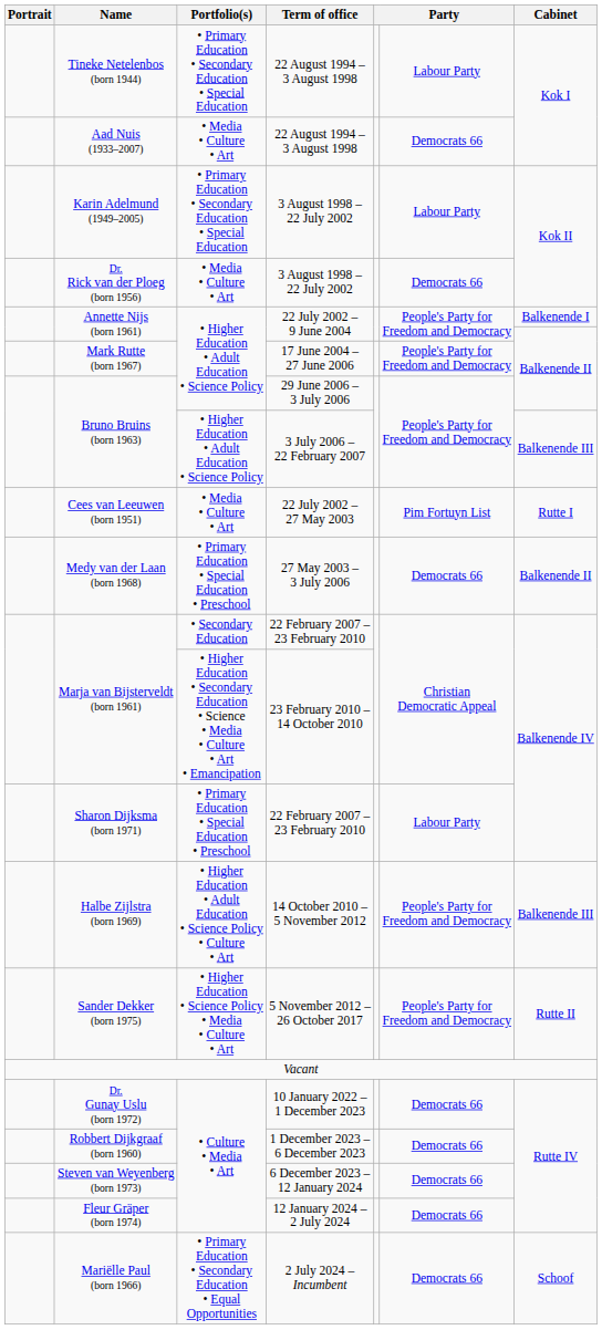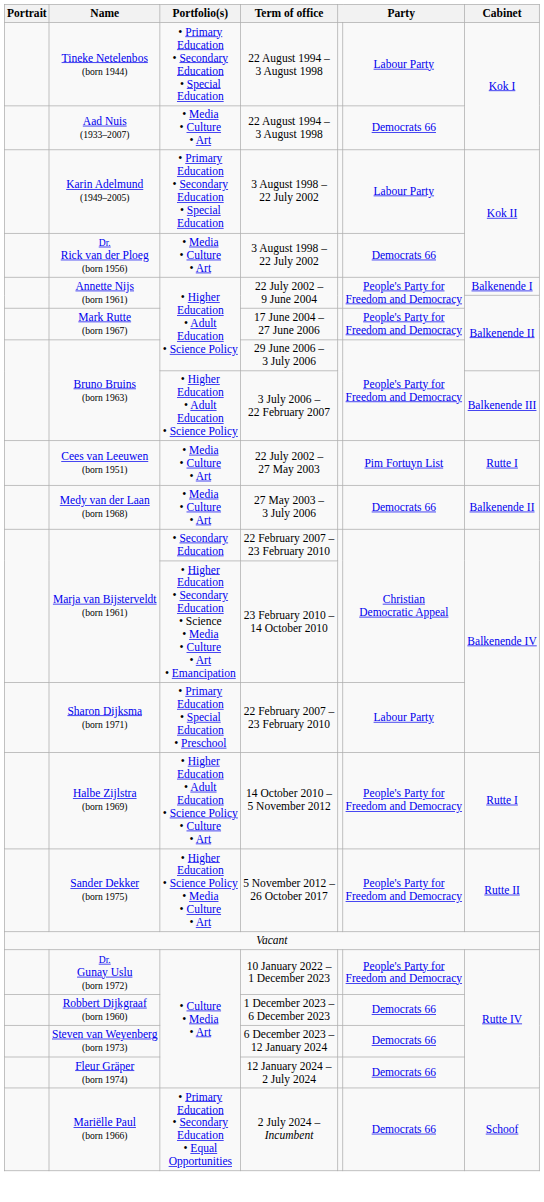 <table class="wikitable" style="text-align:center">
 <tr>
 <th>Portrait</th>
 <th>Name <br> </th>
 <th>Portfolio(s)</th>
 <th>Term of office</th>
 <th colspan=2>Party</th>
 <th>Cabinet</th>
 </tr>
 <tr>
 <td></td>
 <td><a href='#'>Tineke Netelenbos</a> <br> <small>(born 1944)</small></td>
 <td>• <a href='#'>Primary <br> Education</a> <br> • <a href='#'>Secondary <br> Education</a> <br> • <a href='#'>Special <br> Education</a></td>
 <td>22 August 1994 – <br> 3 August 1998</td>
 <td style="background:"></td>
 <td><a href='#'>Labour Party</a></td>
 <td rowspan=2><a href='#'>Kok I</a> <br></td>
 </tr>
 <tr>
 <td></td>
 <td><a href='#'>Aad Nuis</a> <br> <small>(1933–2007)</small></td>
 <td>• <a href='#'>Media</a> <br> • <a href='#'>Culture</a> <br> • <a href='#'>Art</a></td>
 <td>22 August 1994 – <br> 3 August 1998</td>
 <td style="background:"></td>
 <td><a href='#'>Democrats 66</a></td>
 </tr>
 <tr>
 <td></td>
 <td><a href='#'>Karin Adelmund</a> <br> <small>(1949–2005)</small></td>
 <td>• <a href='#'>Primary <br> Education</a> <br> • <a href='#'>Secondary <br> Education</a> <br> • <a href='#'>Special <br> Education</a></td>
 <td>3 August 1998 – <br> 22 July 2002</td>
 <td style="background:"></td>
 <td><a href='#'>Labour Party</a></td>
 <td rowspan=2><a href='#'>Kok II</a> <br></td>
 </tr>
 <tr>
 <td></td>
 <td><small><a href='#'>Dr.</a></small> <br> <a href='#'>Rick van der Ploeg</a> <br> <small>(born 1956)</small></td>
 <td>• <a href='#'>Media</a> <br> • <a href='#'>Culture</a> <br> • <a href='#'>Art</a></td>
 <td>3 August 1998 – <br> 22 July 2002</td>
 <td style="background:"></td>
 <td><a href='#'>Democrats 66</a></td>
 </tr>
 <tr>
 <td rowspan=2></td>
 <td rowspan=2><a href='#'>Annette Nijs</a> <br> <small>(born 1961)</small></td>
 <td rowspan=4>• <a href='#'>Higher <br> Education</a> <br> • <a href='#'>Adult <br> Education</a> <br> • <a href='#'>Science Policy</a></td>
 <td rowspan=2>22 July 2002 – <br> 9 June 2004 <br> </td>
 <td rowspan=2 style="background:"></td>
 <td rowspan=2><a href='#'>People's Party for <br> Freedom and Democracy</a></td>
 <td><a href='#'>Balkenende I</a> <br></td>
 </tr>
 <tr>
 <td rowspan=3><a href='#'>Balkenende II</a> <br></td>
 </tr>
 <tr>
 <td></td>
 <td><a href='#'>Mark Rutte</a> <br> <small>(born 1967)</small></td>
 <td>17 June 2004 – <br> 27 June 2006 <br> </td>
 <td style="background:"></td>
 <td><a href='#'>People's Party for <br> Freedom and Democracy</a></td>
 </tr>
 <tr>
 <td rowspan=2></td>
 <td rowspan=2><a href='#'>Bruno Bruins</a> <br> <small>(born 1963)</small></td>
 <td>29 June 2006 – <br> 3 July 2006</td>
 <td rowspan=2 style="background:"></td>
 <td rowspan=2><a href='#'>People's Party for <br> Freedom and Democracy</a></td>
 </tr>
 <tr>
 <td>• <a href='#'>Higher <br> Education</a> <br> • <a href='#'>Adult <br> Education</a> <br> • <a href='#'>Science Policy</a></td>
 <td>3 July 2006 – <br> 22 February 2007</td>
 <td><a href='#'>Balkenende III</a> <br></td>
 </tr>
 <tr>
 <td></td>
 <td><a href='#'>Cees van Leeuwen</a> <br> <small>(born 1951)</small></td>
 <td>• <a href='#'>Media</a> <br> • <a href='#'>Culture</a> <br> • <a href='#'>Art</a></td>
 <td>22 July 2002 – <br> 27 May 2003</td>
 <td style="background:"></td>
 <td><a href='#'>Pim Fortuyn List</a></td>
 <td><a href='#'>Rutte I</a> <br></td>
 </tr>
 <tr>
 <td></td>
 <td><a href='#'>Medy van der Laan</a> <br> <small>(born 1968)</small></td>
-<td>• <a href='#'>Primary <br> Education</a> <br> • <a href='#'>Special <br> Education</a> <br> • <a href='#'>Preschool</a></td>
+<td>• <a href='#'>Media</a> <br> • <a href='#'>Culture</a> <br> • <a href='#'>Art</a></td>
 <td>27 May 2003 – <br> 3 July 2006 <br> </td>
 <td style="background:"></td>
 <td><a href='#'>Democrats 66</a></td>
 <td><a href='#'>Balkenende II</a> <br></td>
 </tr>
 <tr>
 <td rowspan=2></td>
 <td rowspan=2><a href='#'>Marja van Bijsterveldt</a> <br> <small>(born 1961)</small></td>
 <td>• <a href='#'>Secondary <br> Education</a></td>
 <td>22 February 2007 – <br> 23 February 2010</td>
 <td rowspan=2 style="background:"></td>
 <td rowspan=2><a href='#'>Christian <br> Democratic Appeal</a></td>
 <td rowspan=3><a href='#'>Balkenende IV</a> <br></td>
 </tr>
 <tr>
 <td>• <a href='#'>Higher <br> Education</a> <br> • <a href='#'>Secondary <br> Education</a> <br> • Science <br> • <a href='#'>Media</a> <br> • <a href='#'>Culture</a> <br> • <a href='#'>Art</a> <br> • <a href='#'>Emancipation</a></td>
 <td>23 February 2010 – <br> 14 October 2010</td>
 </tr>
 <tr>
 <td></td>
 <td><a href='#'>Sharon Dijksma</a> <br> <small>(born 1971)</small></td>
 <td>• <a href='#'>Primary <br> Education</a> <br> • <a href='#'>Special <br> Education</a> <br> • <a href='#'>Preschool</a></td>
 <td>22 February 2007 – <br> 23 February 2010 <br> </td>
 <td style="background:"></td>
 <td><a href='#'>Labour Party</a></td>
 </tr>
 <tr>
 <td></td>
 <td><a href='#'>Halbe Zijlstra</a> <br> <small>(born 1969)</small></td>
 <td>• <a href='#'>Higher <br> Education</a> <br> • <a href='#'>Adult <br> Education</a> <br> • <a href='#'>Science Policy</a> <br> • <a href='#'>Culture</a> <br> • <a href='#'>Art</a></td>
 <td>14 October 2010 – <br> 5 November 2012</td>
 <td style="background:"></td>
 <td><a href='#'>People's Party for <br> Freedom and Democracy</a></td>
-<td><a href='#'>Balkenende III</a> <br></td>
+<td><a href='#'>Rutte I</a> <br></td>
 </tr>
 <tr>
 <td></td>
 <td><a href='#'>Sander Dekker</a> <br> <small>(born 1975)</small></td>
 <td>• <a href='#'>Higher <br> Education</a> <br> • <a href='#'>Science Policy</a> <br> • <a href='#'>Media</a> <br> • <a href='#'>Culture</a> <br> • <a href='#'>Art</a></td>
 <td>5 November 2012 – <br> 26 October 2017</td>
 <td style="background:"></td>
 <td><a href='#'>People's Party for <br> Freedom and Democracy</a></td>
 <td><a href='#'>Rutte II</a> <br></td>
 </tr>
 <tr>
 <td colspan=7><em>Vacant</em></td>
 </tr>
 <tr>
 <td></td>
 <td><small><a href='#'>Dr.</a></small> <br> <a href='#'>Gunay Uslu</a> <br> <small>(born 1972)</small></td>
 <td rowspan=4>• <a href='#'>Culture</a> <br> • <a href='#'>Media</a> <br> • <a href='#'>Art</a></td>
 <td>10 January 2022 – <br> 1 December 2023</td>
 <td style="background:"></td>
-<td><a href='#'>Democrats 66</a></td>
+<td><a href='#'>People's Party for <br> Freedom and Democracy</a></td>
 <td rowspan=4><a href='#'>Rutte IV</a> <br></td>
 </tr>
 <tr>
 <td></td>
 <td><a href='#'>Robbert Dijkgraaf</a> <br> <small>(born 1960)</small></td>
 <td>1 December 2023 – <br> 6 December 2023 <br> </td>
 <td style="background:"></td>
 <td><a href='#'>Democrats 66</a></td>
 </tr>
 <tr>
 <td></td>
 <td><a href='#'>Steven van Weyenberg</a> <br> <small>(born 1973)</small></td>
 <td>6 December 2023 – <br> 12 January 2024</td>
 <td style="background:"></td>
 <td><a href='#'>Democrats 66</a></td>
 </tr>
 <tr>
 <td></td>
 <td><a href='#'>Fleur Gräper</a> <br> <small>(born 1974)</small></td>
 <td>12 January 2024 – <br> 2 July 2024</td>
 <td style="background:"></td>
 <td><a href='#'>Democrats 66</a></td>
 </tr>
 <tr>
 <td></td>
 <td><a href='#'>Mariëlle Paul</a> <br> <small>(born 1966)</small></td>
 <td>• <a href='#'>Primary <br> Education</a> <br> • <a href='#'>Secondary <br> Education</a> <br> • <a href='#'>Equal <br> Opportunities</a></td>
 <td>2 July 2024 – <br> <em>Incumbent</em></td>
 <td style="background:"></td>
 <td><a href='#'>Democrats 66</a></td>
 <td><a href='#'>Schoof</a> <br></td>
 </tr>
 </table>
